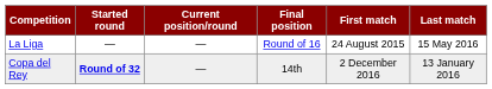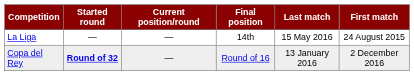 <table cellpadding="4" cellspacing="0" border="1" style="text-align: center; font-size: 85%; border: gray solid 1px; border-collapse: collapse;">
 <tr style="background:#8B0000; color:white;">
 <th>Competition</th>
 <th>Started round</th>
 <th>Current position/round</th>
 <th>Final position</th>
+<th>Last match</th>
 <th>First match</th>
-<th>Last match</th>
 </tr>
 <tr>
 <td align="left"><a href='#'>La Liga</a></td>
 <td>—</td>
 <td>—</td>
-<td><a href='#'>Round of 16</a></td>
+<td>14th</td>
+<td>15 May 2016</td>
 <td>24 August 2015</td>
-<td>15 May 2016</td>
 </tr>
 <tr bgcolor="#EFEFEF">
 <td align="left"><a href='#'>Copa del Rey</a></td>
 <td><strong><a href='#'>Round of 32</a></strong></td>
 <td>—</td>
-<td>14th</td>
+<td><a href='#'>Round of 16</a></td>
+<td>13 January 2016</td>
 <td>2 December 2016</td>
-<td>13 January 2016</td>
 </tr>
 </table>
